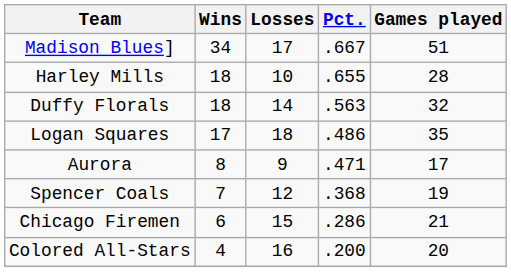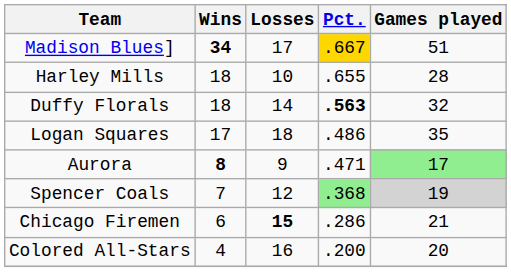 <table class="sortable wikitable" style="text-align:center">
 <tr>
 <th>Team</th>
 <th>Wins</th>
 <th>Losses</th>
 <th><a href='#'>Pct.</a></th>
 <th>Games played</th>
 </tr>
 <tr>
 <td><a href='#'>Madison Blues</a>]</td>
-<td>34</td>
+<td><strong>34</strong></td>
 <td>17</td>
-<td>.667</td>
+<td style="background: gold;">.667</td>
 <td>51</td>
 </tr>
 <tr>
 <td>Harley Mills</td>
 <td>18</td>
 <td>10</td>
 <td>.655</td>
 <td>28</td>
 </tr>
 <tr>
 <td>Duffy Florals</td>
 <td>18</td>
 <td>14</td>
-<td>.563</td>
+<td><strong>.563</strong></td>
 <td>32</td>
 </tr>
 <tr>
 <td>Logan Squares</td>
 <td>17</td>
 <td>18</td>
 <td>.486</td>
 <td>35</td>
 </tr>
 <tr>
 <td>Aurora</td>
-<td>8</td>
+<td><strong>8</strong></td>
 <td>9</td>
 <td>.471</td>
-<td>17</td>
+<td style="background: lightgreen;">17</td>
 </tr>
 <tr>
 <td>Spencer Coals</td>
 <td>7</td>
 <td>12</td>
-<td>.368</td>
-<td>19</td>
+<td style="background: lightgreen;">.368</td>
+<td style="background: lightgrey;">19</td>
 </tr>
 <tr>
 <td>Chicago Firemen</td>
 <td>6</td>
-<td>15</td>
+<td><strong>15</strong></td>
 <td>.286</td>
 <td>21</td>
 </tr>
 <tr>
 <td>Colored All-Stars</td>
 <td>4</td>
 <td>16</td>
 <td>.200</td>
 <td>20</td>
 </tr>
 <tr>
 </tr>
 </table>
